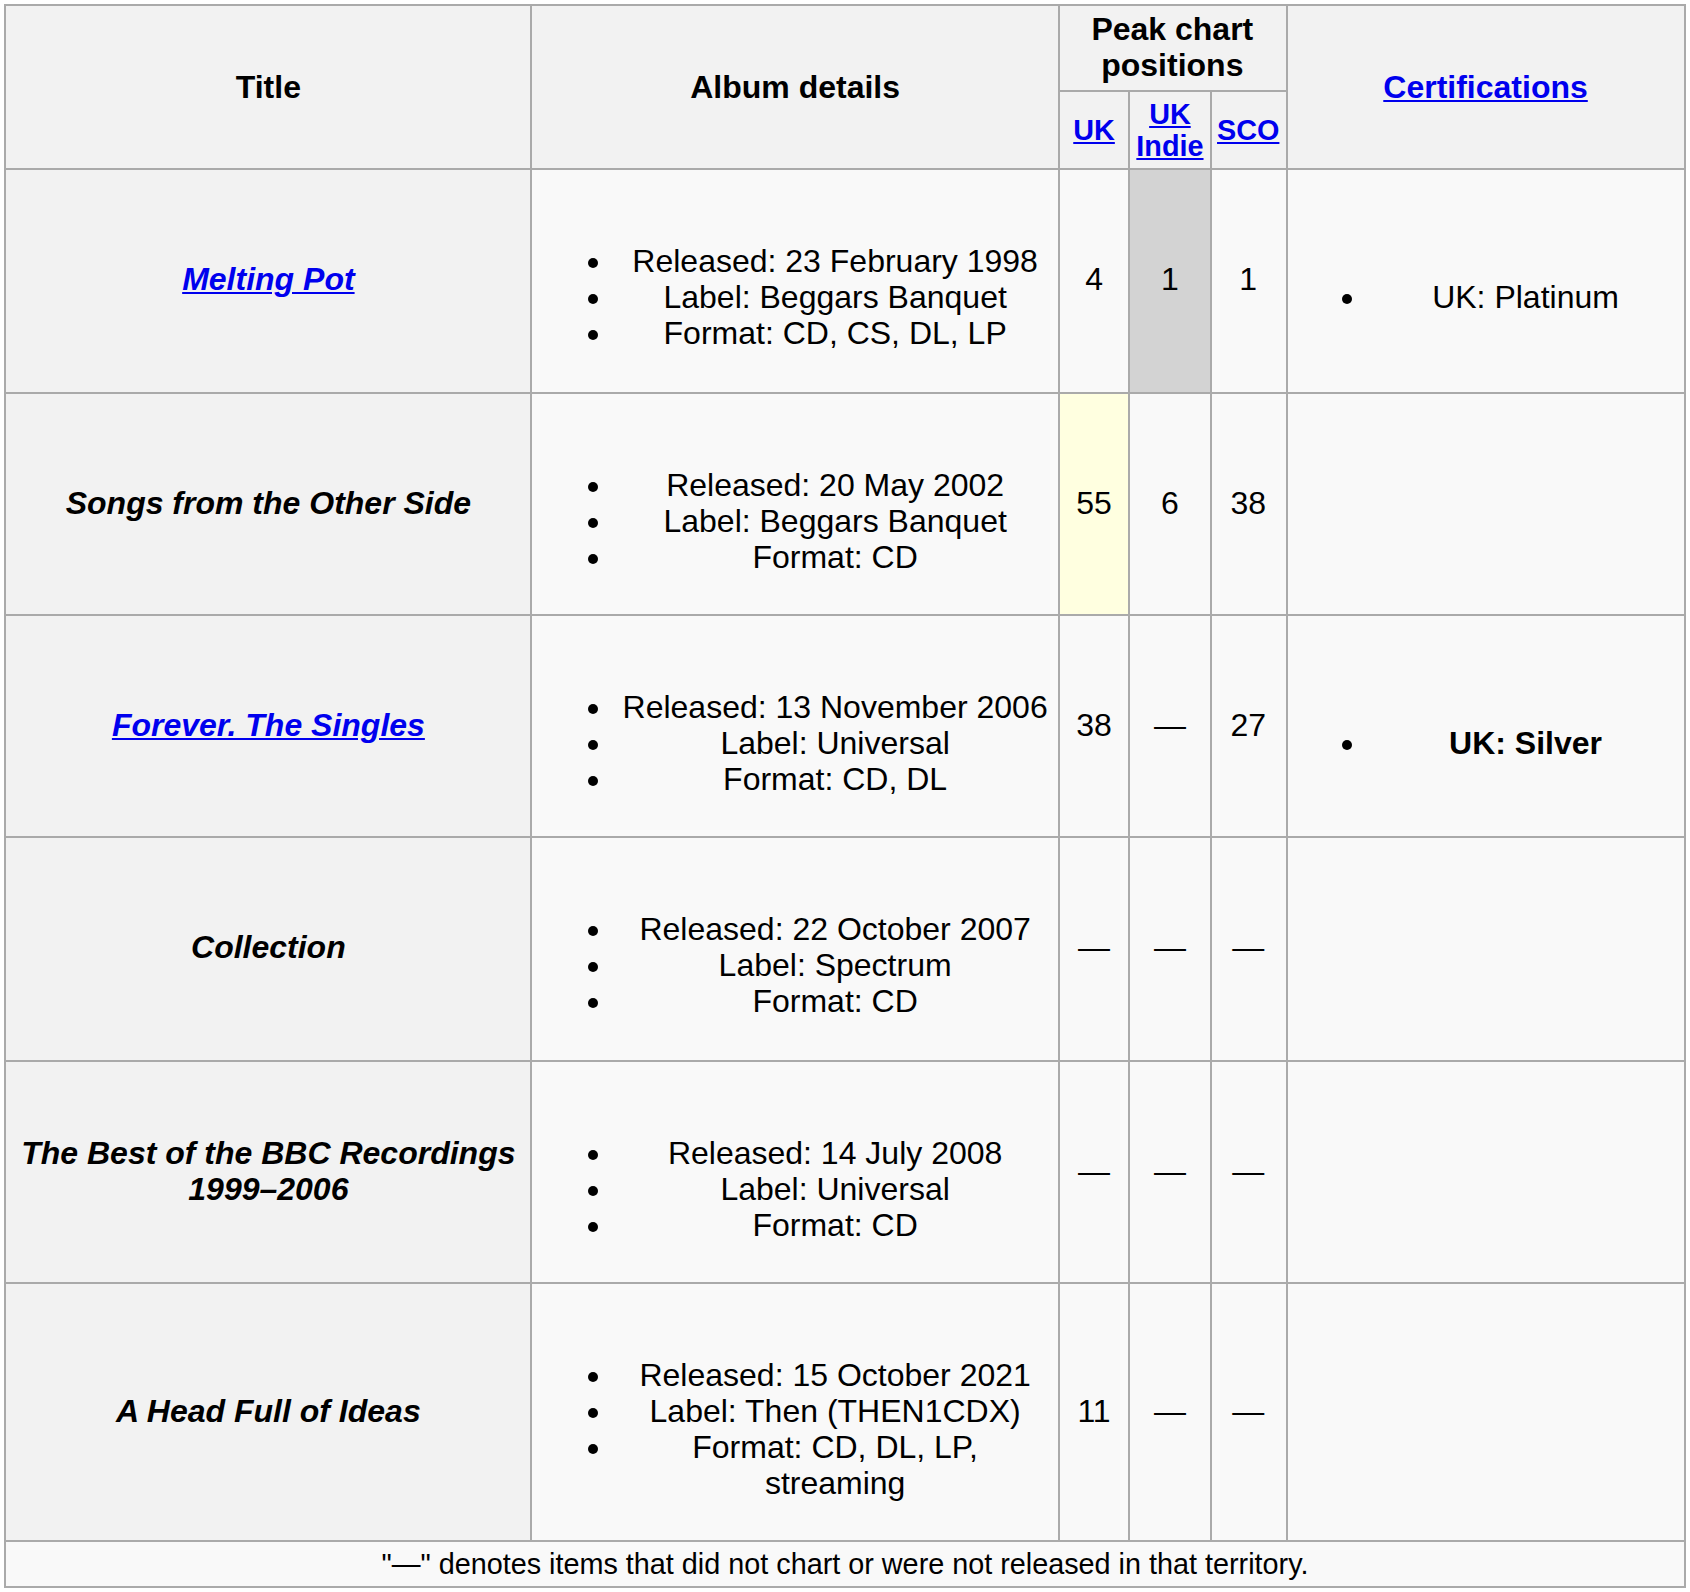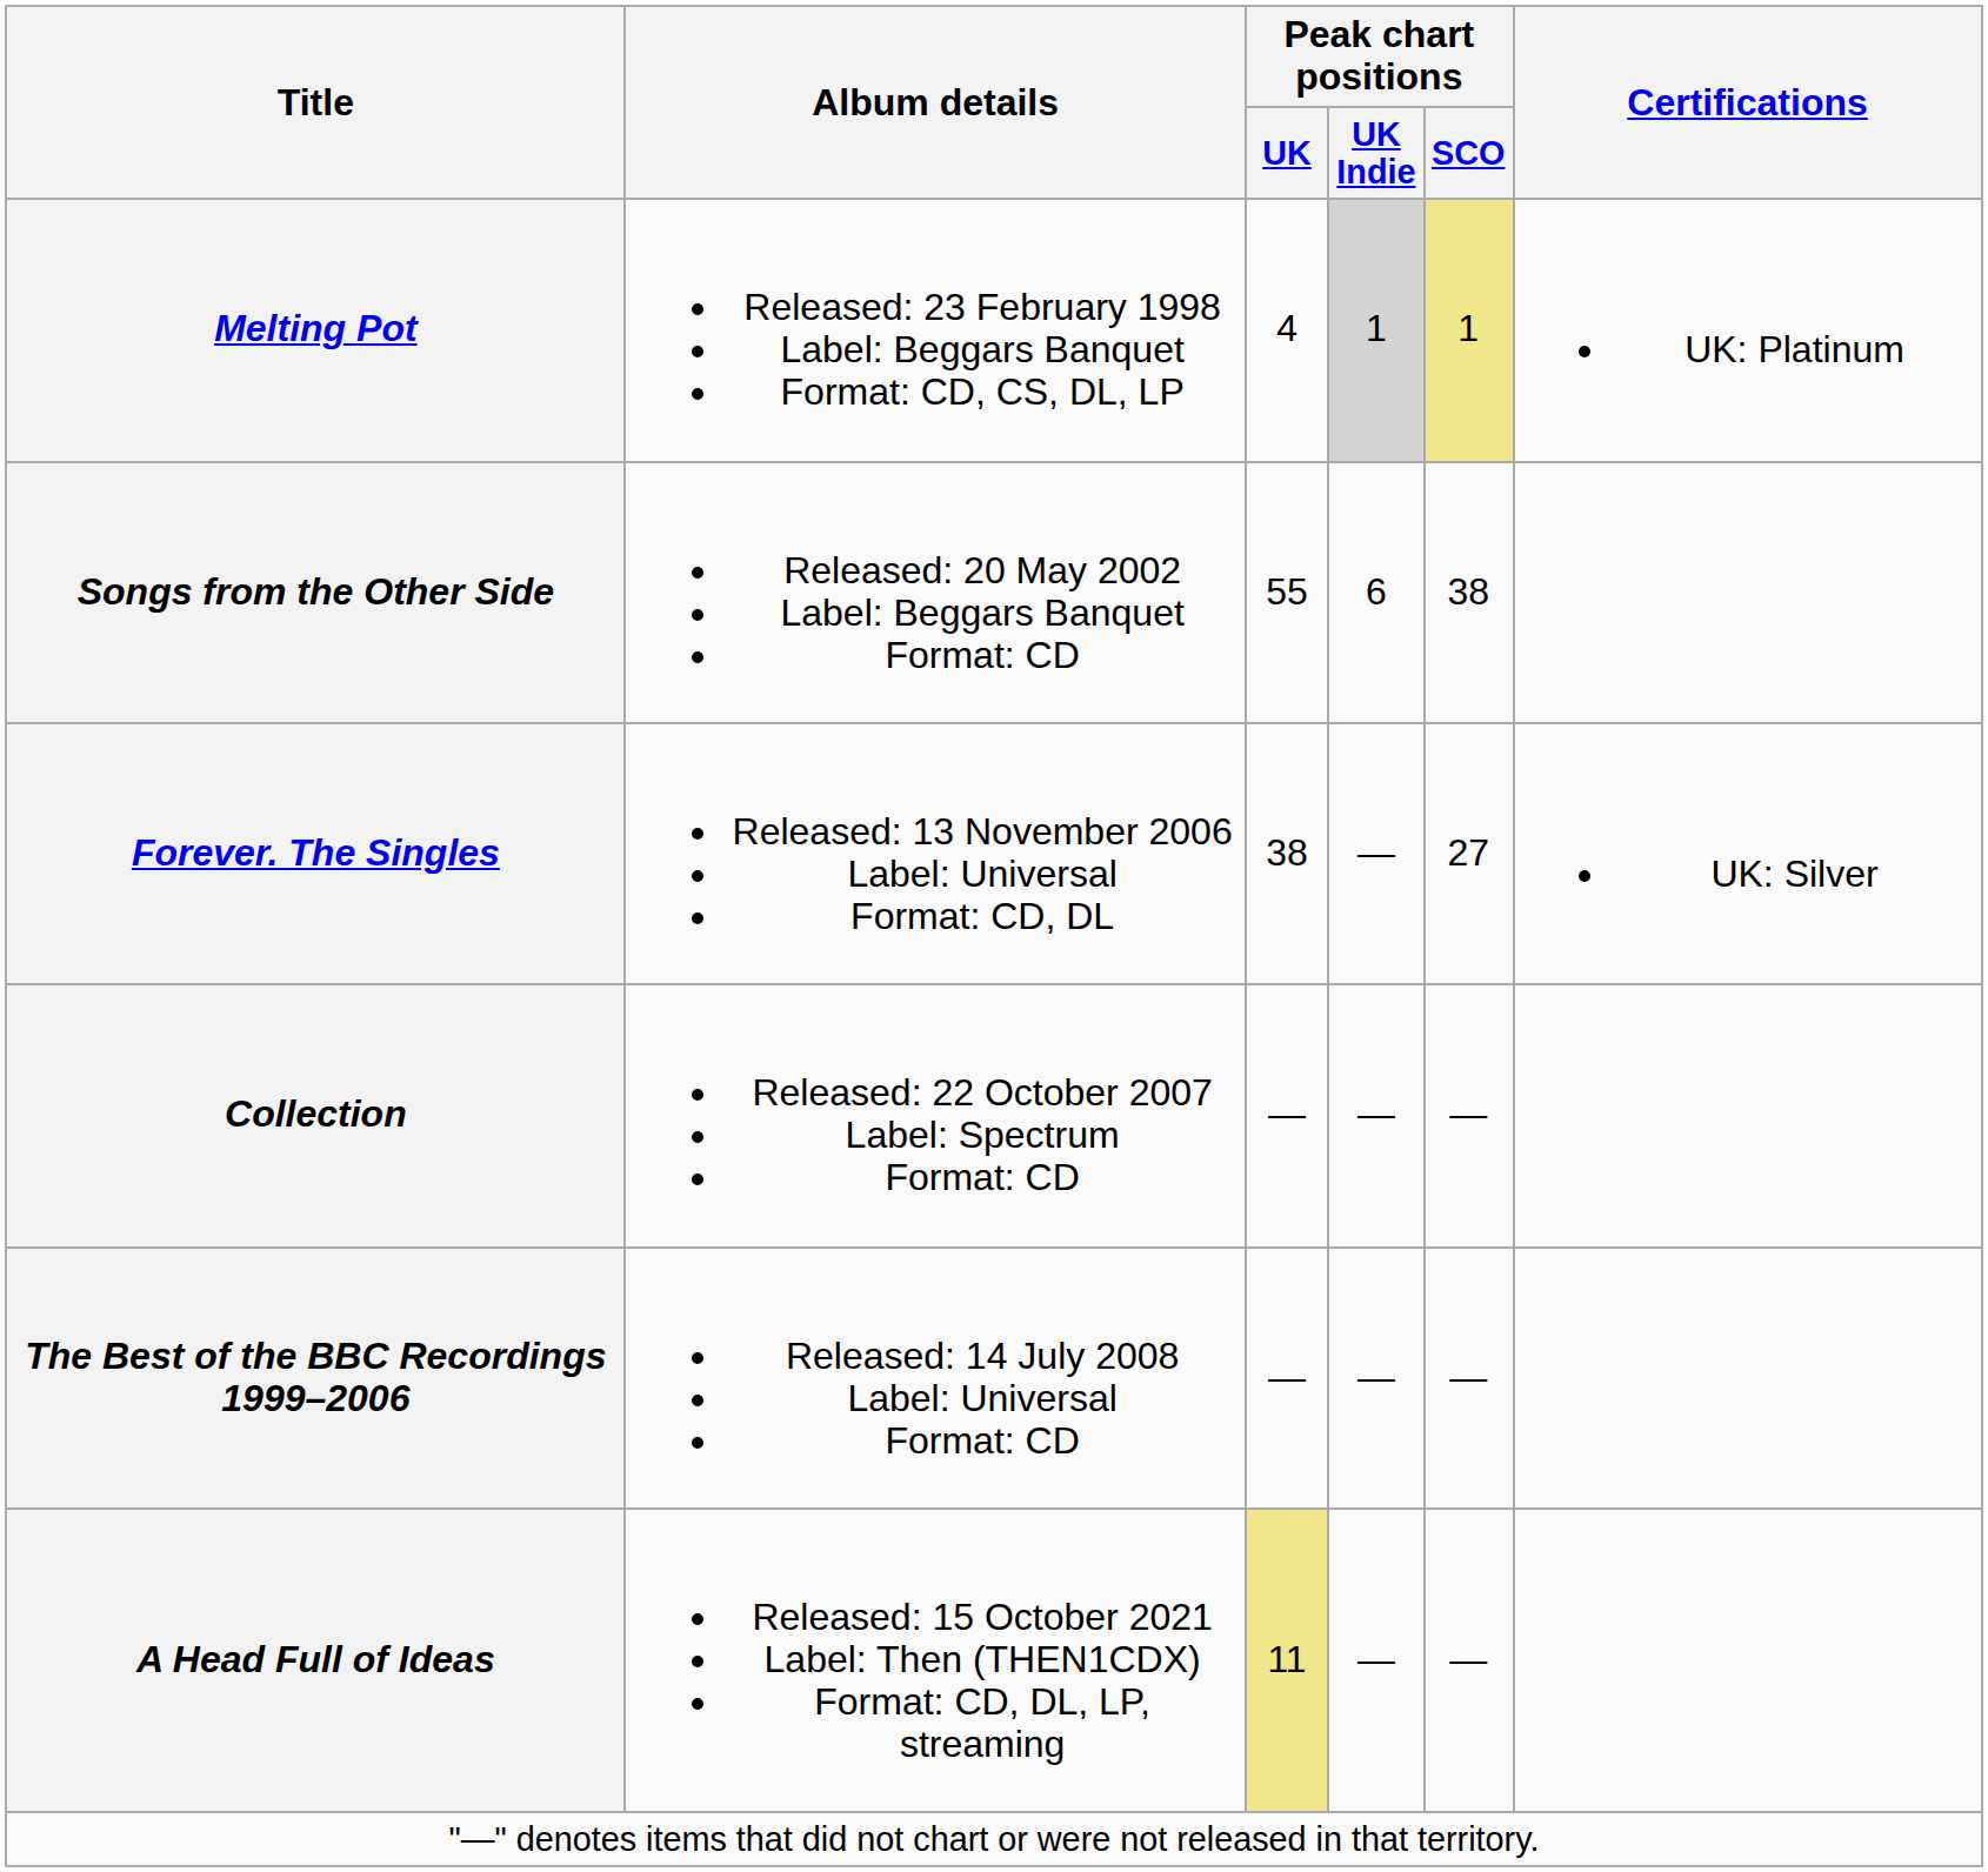 <table class="wikitable plainrowheaders" style="text-align:center;">
 <tr>
 <th scope="col" rowspan="2" style="width:16em;">Title</th>
 <th scope="col" rowspan="2" style="width:16em;">Album details</th>
 <th scope="col" colspan="3">Peak chart<br>positions</th>
 <th rowspan="2" style="width:12em;"><a href='#'>Certifications</a></th>
 </tr>
 <tr>
 <th style="width:2em;font-size:90%;"><a href='#'>UK</a><br></th>
 <th style="width:2em;font-size:90%;"><a href='#'>UK<br>Indie</a><br></th>
 <th style="width:2em;font-size:90%;"><a href='#'>SCO</a><br></th>
 </tr>
 <tr>
 <th scope="row"><em><a href='#'>Melting Pot</a></em></th>
 <td><br><ul><li>Released: 23 February 1998</li><li>Label: Beggars Banquet</li><li>Format: CD, CS, DL, LP</li></ul></td>
 <td>4</td>
 <td style="background: lightgrey;">1</td>
-<td>1</td>
+<td style="background: khaki;">1</td>
 <td><br><ul><li>UK: Platinum</li></ul></td>
 </tr>
 <tr>
 <th scope="row"><em>Songs from the Other Side</em></th>
 <td><br><ul><li>Released: 20 May 2002</li><li>Label: Beggars Banquet</li><li>Format: CD</li></ul></td>
-<td style="background: lightyellow;">55</td>
+<td>55</td>
 <td>6</td>
 <td>38</td>
 <td></td>
 </tr>
 <tr>
 <th scope="row"><em><a href='#'>Forever. The Singles</a></em></th>
 <td><br><ul><li>Released: 13 November 2006</li><li>Label: Universal</li><li>Format: CD, DL</li></ul></td>
 <td>38</td>
 <td>—</td>
 <td>27</td>
-<td><strong><br><ul><li>UK: Silver</li></ul></strong></td>
+<td><br><ul><li>UK: Silver</li></ul></td>
 </tr>
 <tr>
 <th scope="row"><em>Collection</em></th>
 <td><br><ul><li>Released: 22 October 2007</li><li>Label: Spectrum</li><li>Format: CD</li></ul></td>
 <td>—</td>
 <td>—</td>
 <td>—</td>
 <td></td>
 </tr>
 <tr>
 <th scope="row"><em>The Best of the BBC Recordings 1999–2006</em></th>
 <td><br><ul><li>Released: 14 July 2008</li><li>Label: Universal</li><li>Format: CD</li></ul></td>
 <td>—</td>
 <td>—</td>
 <td>—</td>
 <td></td>
 </tr>
 <tr>
 <th scope="row"><em>A Head Full of Ideas</em></th>
 <td><br><ul><li>Released: 15 October 2021</li><li>Label: Then (THEN1CDX)</li><li>Format: CD, DL, LP, streaming</li></ul></td>
-<td>11</td>
+<td style="background: khaki;">11</td>
 <td>—</td>
 <td>—</td>
 <td></td>
 </tr>
 <tr>
 <td align="center" colspan="15" style="font-size:90%">"—" denotes items that did not chart or were not released in that territory.</td>
 </tr>
 <tr>
 </tr>
 </table>
